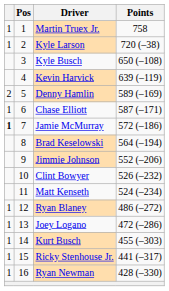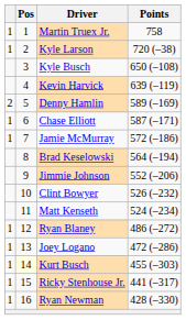 <table class="wikitable" style="font-size: 95%;">
 <tr>
 <th></th>
 <th>Pos</th>
 <th>Driver</th>
 <th>Points</th>
 </tr>
 <tr>
 <td align="left"> 1</td>
 <td style="text-align:center;">1</td>
 <td style="background:#FFDEAD;"><a href='#'>Martin Truex Jr.</a></td>
 <td style="text-align:center;">758</td>
 </tr>
 <tr>
 <td align="left"> 1</td>
 <td style="text-align:center;">2</td>
 <td style="background:#FFDEAD;"><a href='#'>Kyle Larson</a></td>
 <td style="text-align:center;">720 (–38)</td>
 </tr>
 <tr>
 <td align="left"></td>
 <td style="text-align:center;">3</td>
 <td><a href='#'>Kyle Busch</a></td>
 <td style="text-align:center;">650 (–108)</td>
 </tr>
 <tr>
 <td align="left"></td>
 <td style="text-align:center;">4</td>
 <td style="background:#FFDEAD;"><a href='#'>Kevin Harvick</a></td>
 <td style="text-align:center;">639 (–119)</td>
 </tr>
 <tr>
 <td align="left"> 2</td>
 <td style="text-align:center;">5</td>
 <td style="background:#FFDEAD;"><a href='#'>Denny Hamlin</a></td>
 <td style="text-align:center;">589 (–169)</td>
 </tr>
 <tr>
 <td align="left"> 1</td>
 <td style="text-align:center;">6</td>
 <td><a href='#'>Chase Elliott</a></td>
 <td style="text-align:center;">587 (–171)</td>
 </tr>
 <tr>
-<td align="left"><strong> 1</strong></td>
+<td align="left"> 1</td>
 <td style="text-align:center;">7</td>
 <td><a href='#'>Jamie McMurray</a></td>
 <td style="text-align:center;">572 (–186)</td>
 </tr>
 <tr>
 <td align="left"></td>
 <td style="text-align:center;">8</td>
 <td style="background:#FFDEAD;"><a href='#'>Brad Keselowski</a></td>
 <td style="text-align:center;">564 (–194)</td>
 </tr>
 <tr>
 <td align="left"></td>
 <td style="text-align:center;">9</td>
 <td style="background:#FFDEAD;"><a href='#'>Jimmie Johnson</a></td>
 <td style="text-align:center;">552 (–206)</td>
 </tr>
 <tr>
 <td align="left"></td>
 <td style="text-align:center;">10</td>
 <td><a href='#'>Clint Bowyer</a></td>
 <td style="text-align:center;">526 (–232)</td>
 </tr>
 <tr>
 <td align="left"></td>
 <td style="text-align:center;">11</td>
 <td><a href='#'>Matt Kenseth</a></td>
 <td style="text-align:center;">524 (–234)</td>
 </tr>
 <tr>
 <td align="left"> 1</td>
 <td style="text-align:center;">12</td>
 <td style="background:#FFDEAD;"><a href='#'>Ryan Blaney</a></td>
 <td style="text-align:center;">486 (–272)</td>
 </tr>
 <tr>
 <td align="left"> 1</td>
 <td style="text-align:center;">13</td>
 <td><a href='#'>Joey Logano</a></td>
 <td style="text-align:center;">472 (–286)</td>
 </tr>
 <tr>
 <td align="left"> 1</td>
-<td style="text-align:center;">14</td>
+<td style="background: lightyellow; text-align:center;">14</td>
 <td style="background:#FFDEAD;"><a href='#'>Kurt Busch</a></td>
 <td style="text-align:center;">455 (–303)</td>
 </tr>
 <tr>
 <td align="left"> 1</td>
 <td style="text-align:center;">15</td>
 <td style="background:#FFDEAD;"><a href='#'>Ricky Stenhouse Jr.</a></td>
 <td style="text-align:center;">441 (–317)</td>
 </tr>
 <tr>
 <td align="left"> 1</td>
 <td style="text-align:center;">16</td>
 <td style="background:#FFDEAD;"><a href='#'>Ryan Newman</a></td>
 <td style="text-align:center;">428 (–330)</td>
 </tr>
 <tr class="sortbottom">
 <th colspan="9"></th>
 </tr>
 </table>
